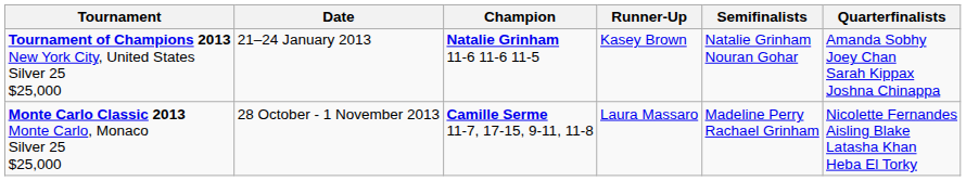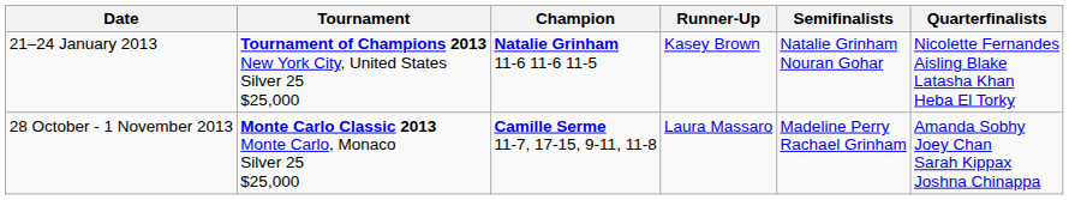 <table class="wikitable" style="font-size:88%">
 <tr>
+<th>Date</th>
 <th>Tournament</th>
-<th>Date</th>
 <th>Champion</th>
 <th>Runner-Up</th>
 <th>Semifinalists</th>
 <th>Quarterfinalists</th>
 </tr>
 <tr valign=top>
+<td>21–24 January 2013</td>
 <td><strong><a href='#'>Tournament of Champions</a> 2013</strong><br> <a href='#'>New York City</a>, United States<br>Silver 25<br>$25,000</td>
-<td>21–24 January 2013</td>
 <td> <strong><a href='#'>Natalie Grinham</a></strong><br>11-6 11-6 11-5</td>
 <td> <a href='#'>Kasey Brown</a></td>
 <td> <a href='#'>Natalie Grinham</a><br> <a href='#'>Nouran Gohar</a></td>
-<td> <a href='#'>Amanda Sobhy</a><br> <a href='#'>Joey Chan</a><br> <a href='#'>Sarah Kippax</a><br> <a href='#'>Joshna Chinappa</a></td>
+<td> <a href='#'>Nicolette Fernandes</a><br> <a href='#'>Aisling Blake</a><br> <a href='#'>Latasha Khan</a><br> <a href='#'>Heba El Torky</a></td>
 </tr>
 <tr valign=top>
+<td>28 October - 1 November 2013</td>
 <td><strong><a href='#'>Monte Carlo Classic</a> 2013</strong><br> <a href='#'>Monte Carlo</a>, Monaco<br>Silver 25<br>$25,000</td>
-<td>28 October - 1 November 2013</td>
 <td> <strong><a href='#'>Camille Serme</a></strong><br>11-7, 17-15, 9-11, 11-8</td>
 <td> <a href='#'>Laura Massaro</a></td>
 <td> <a href='#'>Madeline Perry</a><br> <a href='#'>Rachael Grinham</a></td>
-<td> <a href='#'>Nicolette Fernandes</a><br> <a href='#'>Aisling Blake</a><br> <a href='#'>Latasha Khan</a><br> <a href='#'>Heba El Torky</a></td>
+<td> <a href='#'>Amanda Sobhy</a><br> <a href='#'>Joey Chan</a><br> <a href='#'>Sarah Kippax</a><br> <a href='#'>Joshna Chinappa</a></td>
 </tr>
 </table>
